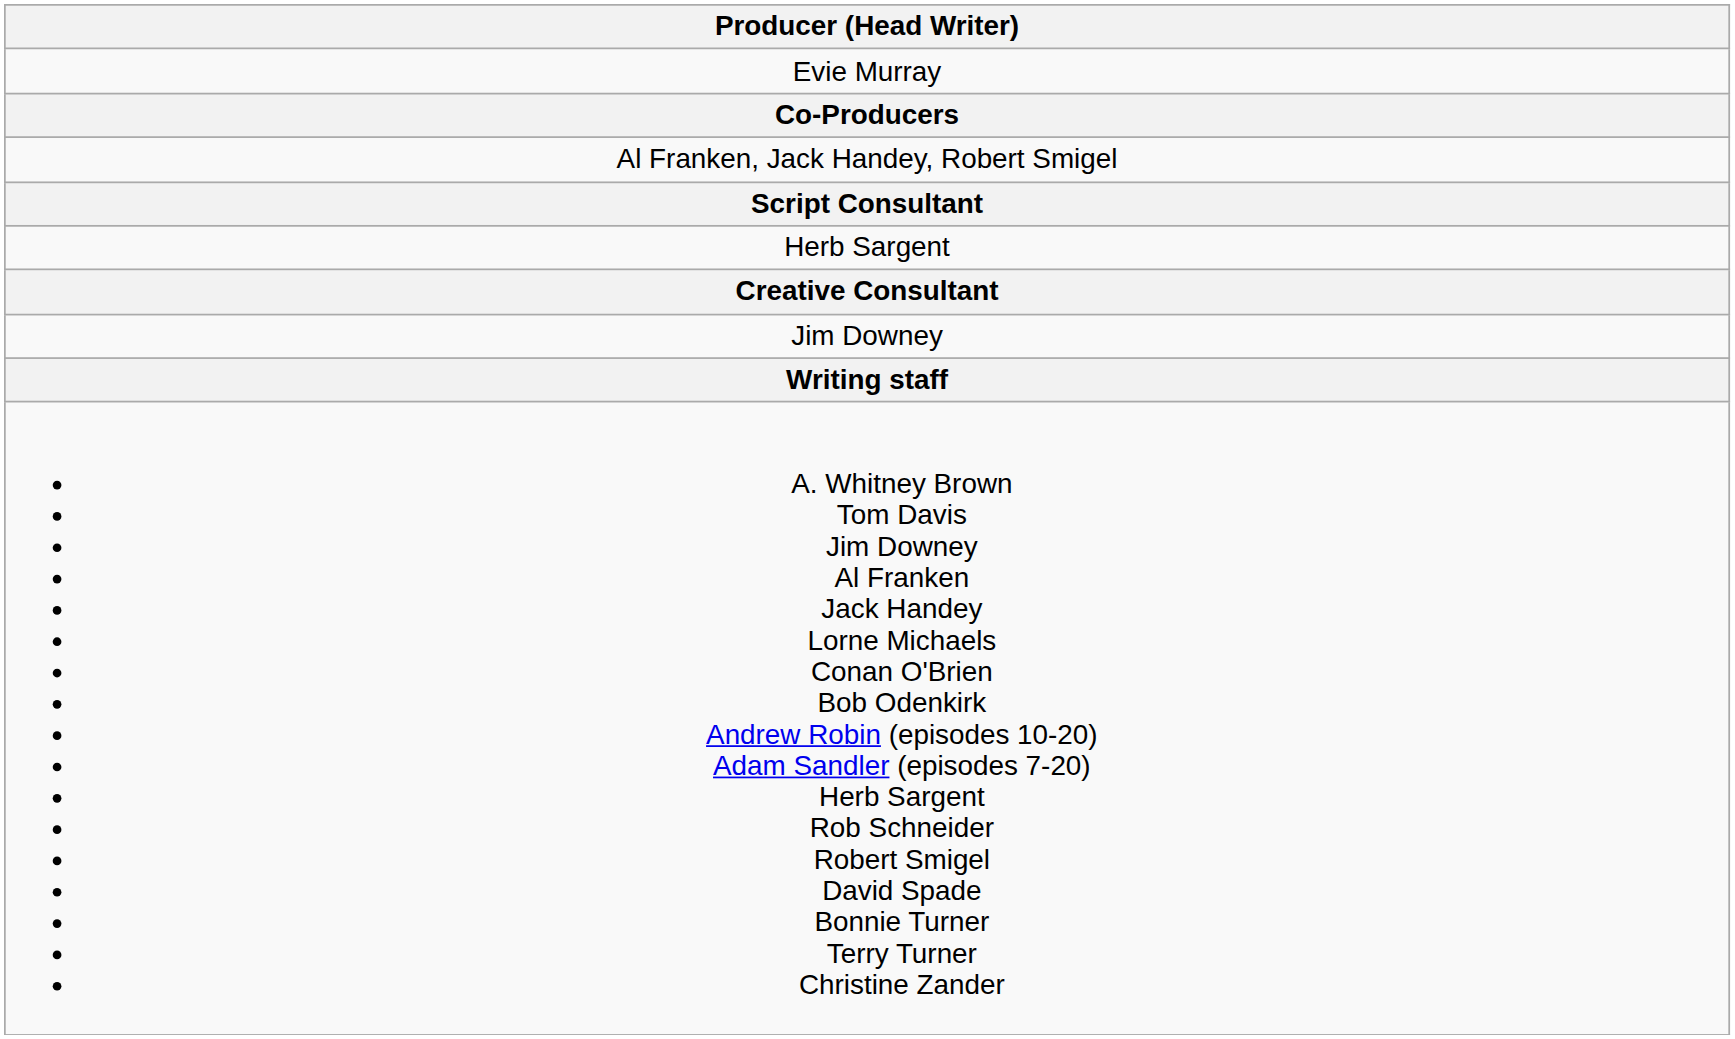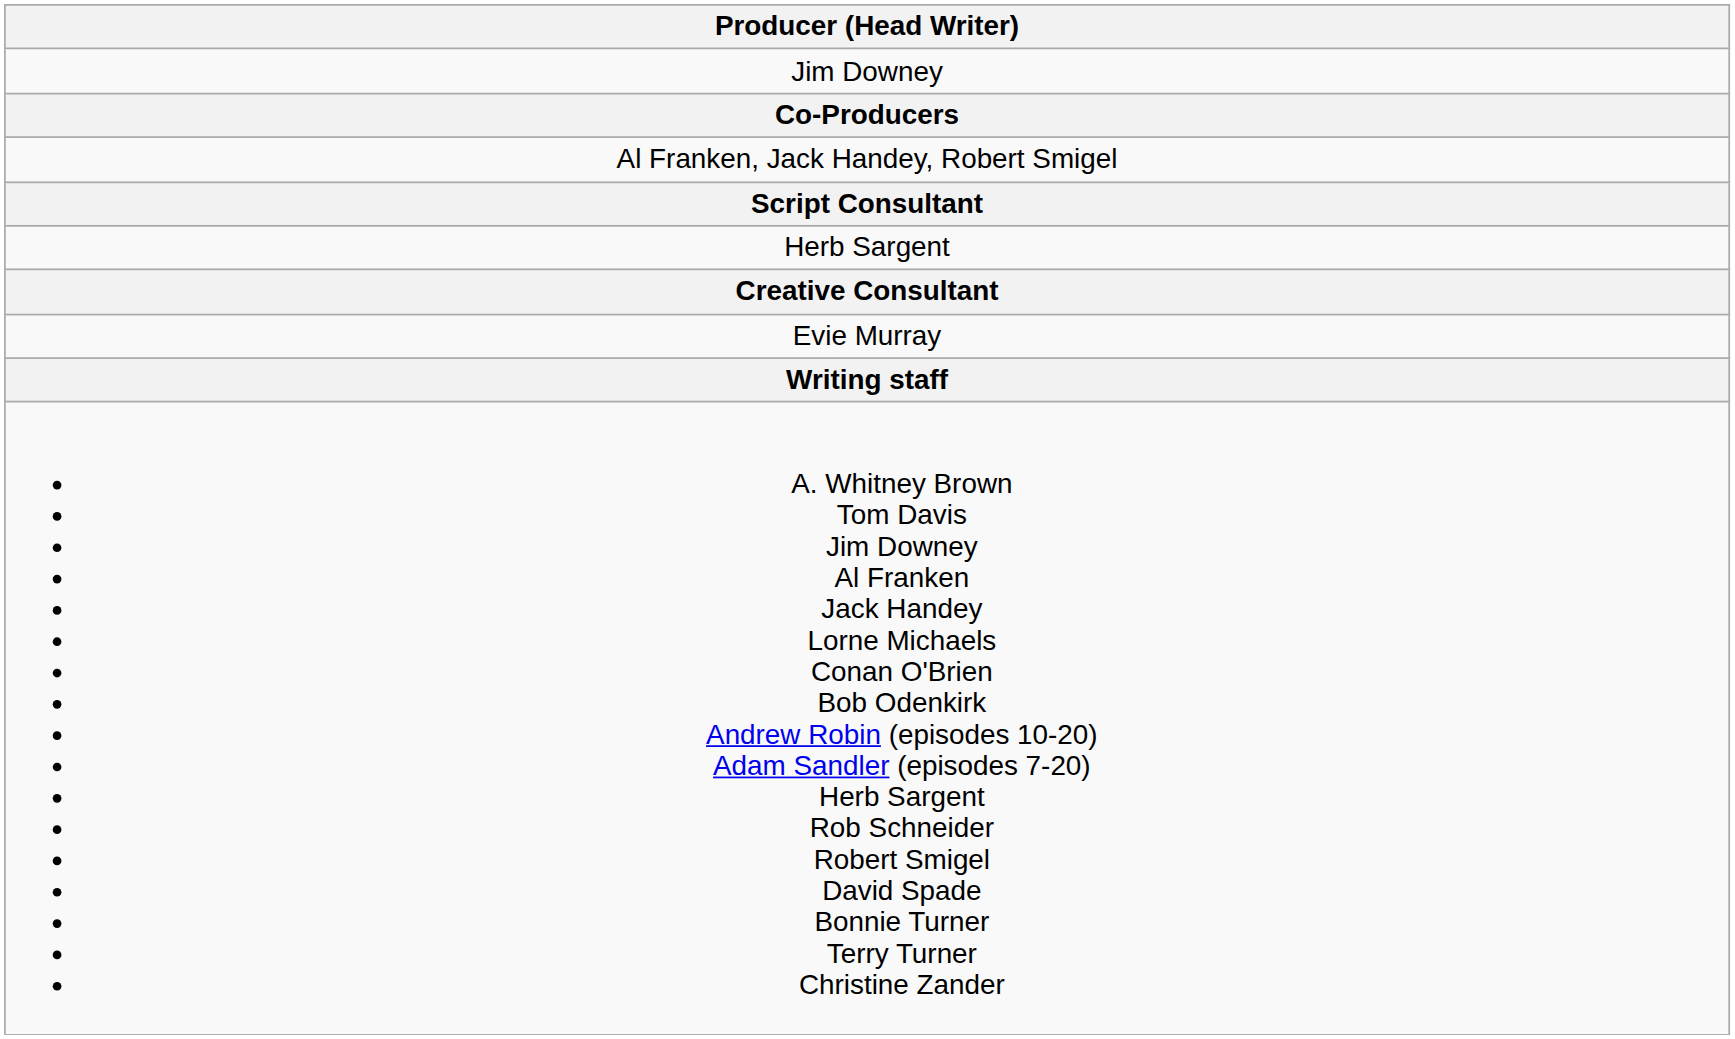 <table class="wikitable plainrowheaders"  style="text-align:center; width:50%;">
 <tr>
 <th><strong>Producer (Head Writer)</strong></th>
 </tr>
 <tr>
-<td>Evie Murray</td>
+<td>Jim Downey</td>
 </tr>
 <tr>
 <th><strong>Co-Producers</strong></th>
 </tr>
 <tr>
 <td>Al Franken, Jack Handey, Robert Smigel</td>
 </tr>
 <tr>
 <th><strong>Script Consultant</strong></th>
 </tr>
 <tr>
 <td>Herb Sargent</td>
 </tr>
 <tr>
 <th><strong>Creative Consultant</strong></th>
 </tr>
 <tr>
-<td>Jim Downey</td>
+<td>Evie Murray</td>
 </tr>
 <tr>
 <th><strong>Writing staff</strong></th>
 </tr>
 <tr>
 <td><br><ul><li>A. Whitney Brown</li><li>Tom Davis</li><li>Jim Downey</li><li>Al Franken</li><li>Jack Handey</li><li>Lorne Michaels</li><li>Conan O'Brien</li><li>Bob Odenkirk</li><li><a href='#'>Andrew Robin</a> (episodes 10-20)</li><li><a href='#'>Adam Sandler</a> (episodes 7-20)</li><li>Herb Sargent</li><li>Rob Schneider</li><li>Robert Smigel</li><li>David Spade</li><li>Bonnie Turner</li><li>Terry Turner</li><li>Christine Zander</li></ul></td>
 </tr>
 </table>
